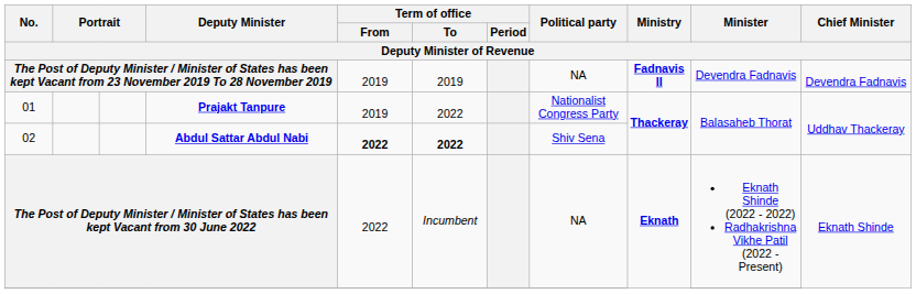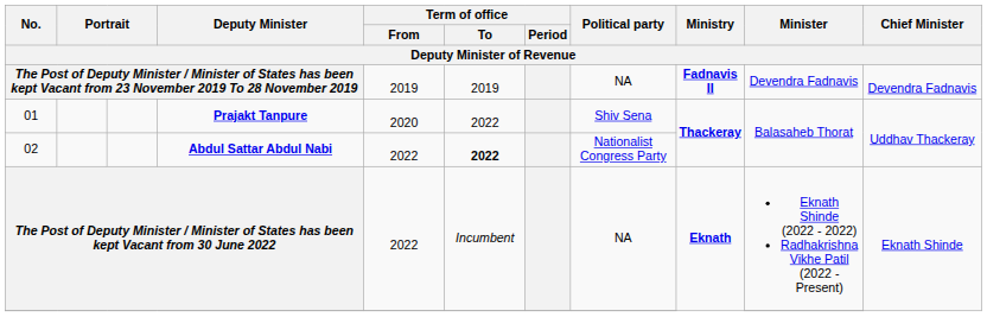 <table class="wikitable" style="text-align:center">
 <tr>
 <th rowspan="2">No.</th>
 <th rowspan="2" colspan="2">Portrait</th>
 <th rowspan="2" style="width:16em">Deputy Minister<br></th>
 <th colspan="3">Term of office</th>
 <th rowspan="2" style="width:8em">Political party</th>
 <th rowspan="2">Ministry</th>
 <th rowspan="2" style="width:9em">Minister</th>
 <th rowspan="2" style="width:9em">Chief Minister</th>
 </tr>
 <tr>
 <th style="width:6em">From</th>
 <th style="width:6em">To</th>
 <th>Period</th>
 </tr>
 <tr>
 <th colspan="11">Deputy Minister of Revenue</th>
 </tr>
 <tr>
 <th colspan="04"><strong><em>The Post of Deputy Minister / Minister of States has been kept Vacant from 23 November 2019 To 28 November 2019</em></strong></th>
 <td><br>2019</td>
 <td><br>2019</td>
 <th></th>
 <td>NA</td>
 <td rowspan="1"><a href='#'><strong>Fadnavis II</strong></a></td>
 <td><a href='#'>Devendra Fadnavis</a></td>
 <td rowspan="1"> <br><a href='#'>Devendra Fadnavis</a></td>
 </tr>
 <tr>
 <td>01</td>
 <td style="color:inherit;background:"></td>
 <td></td>
 <td><strong><a href='#'>Prajakt Tanpure</a></strong> <br> </td>
-<td><br>2019</td>
+<td><br>2020</td>
 <td><br>2022</td>
 <th></th>
-<td><a href='#'>Nationalist Congress Party</a></td>
+<td><a href='#'>Shiv Sena</a></td>
 <td rowspan="2"><a href='#'><strong>Thackeray</strong></a></td>
 <td rowspan="2"><a href='#'>Balasaheb Thorat</a></td>
 <td rowspan="2"> <br><a href='#'>Uddhav Thackeray</a></td>
 </tr>
 <tr>
 <td>02</td>
 <td style="color:inherit;background:"></td>
 <td></td>
 <td><strong><a href='#'>Abdul Sattar Abdul Nabi</a></strong> <br> </td>
-<td><strong><br>2022</strong></td>
+<td><br>2022</td>
 <td><strong><br>2022</strong></td>
 <th></th>
-<td><a href='#'>Shiv Sena</a></td>
+<td><a href='#'>Nationalist Congress Party</a></td>
 </tr>
 <tr>
 <th colspan="04"><strong><em>The Post of Deputy Minister / Minister of States has been kept Vacant from 30 June 2022</em></strong></th>
 <td><br>2022</td>
 <td><em>Incumbent</em></td>
 <th></th>
 <td>NA</td>
 <td rowspan="2"><a href='#'><strong>Eknath</strong></a></td>
 <td><br><ul><li><a href='#'>Eknath Shinde</a><br>(2022 - 2022)</li><li><a href='#'>Radhakrishna Vikhe Patil</a><br> (2022 - Present)</li></ul></td>
 <td rowspan="2"> <br><a href='#'>Eknath Shinde</a></td>
 </tr>
 <tr>
 </tr>
 </table>
